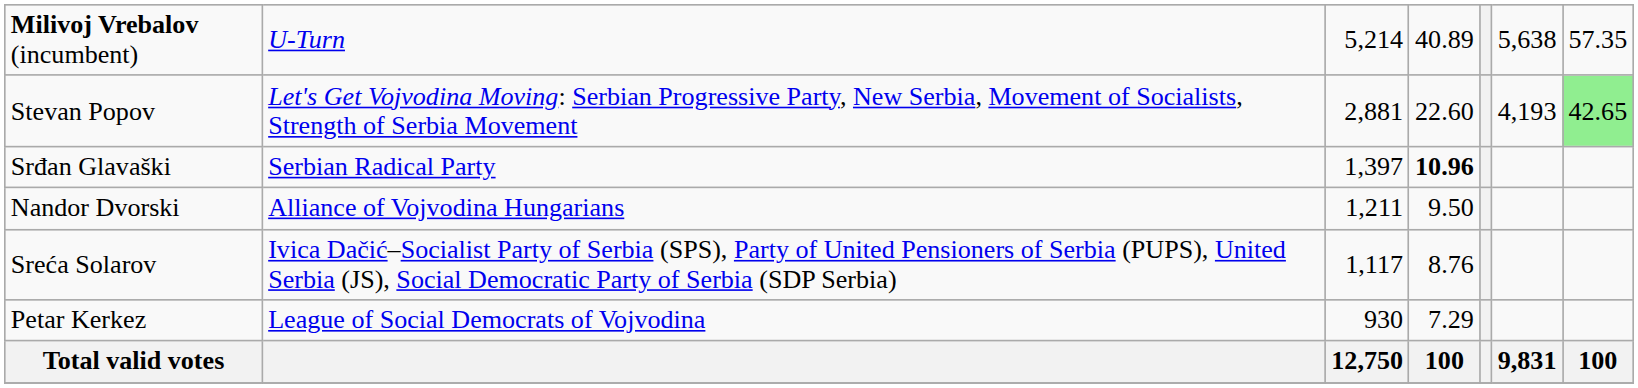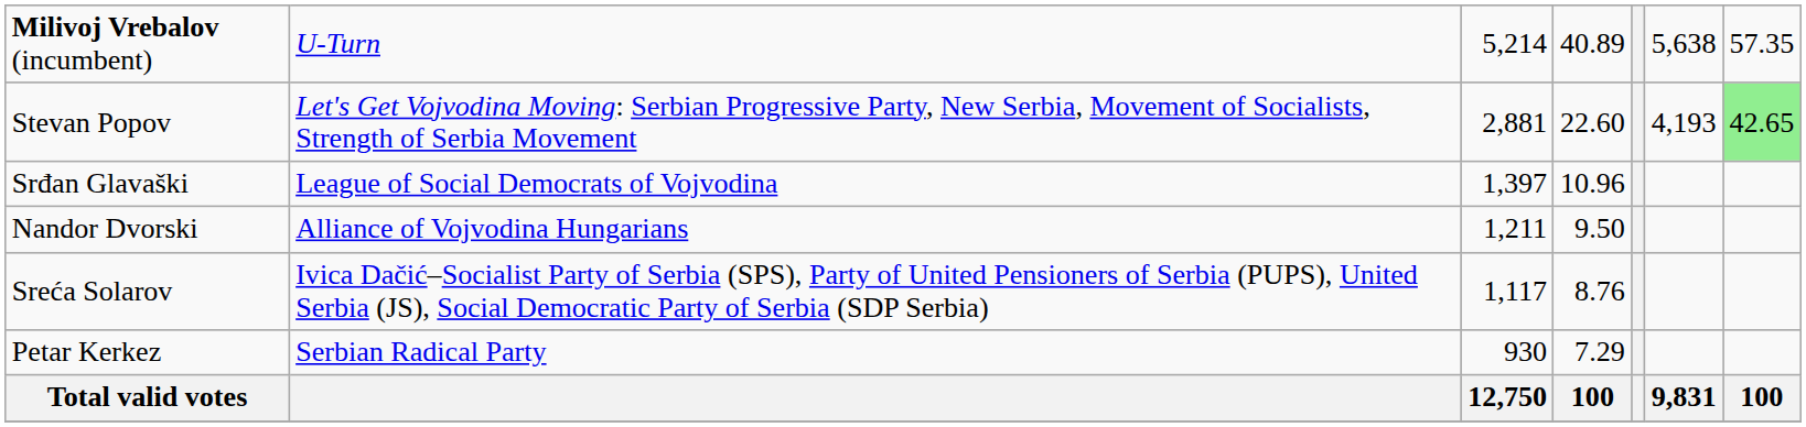 <table style="width:1000px;" class="wikitable">
 <tr>
 <td align="left"><strong>Milivoj Vrebalov</strong> (incumbent)</td>
 <td align="left"><em><a href='#'>U-Turn</a></em></td>
 <td align="right">5,214</td>
 <td align="right">40.89</td>
 <th align="left"></th>
 <td align="right">5,638</td>
 <td align="right">57.35</td>
 </tr>
 <tr>
 <td align="left">Stevan Popov</td>
 <td align="left"><em><a href='#'>Let's Get Vojvodina Moving</a></em>: <a href='#'>Serbian Progressive Party</a>, <a href='#'>New Serbia</a>, <a href='#'>Movement of Socialists</a>, <a href='#'>Strength of Serbia Movement</a></td>
 <td align="right">2,881</td>
 <td align="right">22.60</td>
 <th align="left"></th>
 <td align="right">4,193</td>
 <td align="right" style="background: lightgreen;">42.65</td>
 </tr>
 <tr>
 <td align="left">Srđan Glavaški</td>
-<td align="left"><a href='#'>Serbian Radical Party</a></td>
+<td align="left"><a href='#'>League of Social Democrats of Vojvodina</a></td>
 <td align="right">1,397</td>
-<td align="right"><strong>10.96</strong></td>
+<td align="right">10.96</td>
 <th align="left"></th>
 <td align="right"></td>
 <td align="right"></td>
 </tr>
 <tr>
 <td align="left">Nandor Dvorski</td>
 <td align="left"><a href='#'>Alliance of Vojvodina Hungarians</a></td>
 <td align="right">1,211</td>
 <td align="right">9.50</td>
 <th align="left"></th>
 <td align="right"></td>
 <td align="right"></td>
 </tr>
 <tr>
 <td align="left">Sreća Solarov</td>
 <td align="left"><a href='#'>Ivica Dačić</a>–<a href='#'>Socialist Party of Serbia</a> (SPS), <a href='#'>Party of United Pensioners of Serbia</a> (PUPS), <a href='#'>United Serbia</a> (JS), <a href='#'>Social Democratic Party of Serbia</a> (SDP Serbia)</td>
 <td align="right">1,117</td>
 <td align="right">8.76</td>
 <th align="left"></th>
 <td align="right"></td>
 <td align="right"></td>
 </tr>
 <tr>
 <td align="left">Petar Kerkez</td>
-<td align="left"><a href='#'>League of Social Democrats of Vojvodina</a></td>
+<td align="left"><a href='#'>Serbian Radical Party</a></td>
 <td align="right">930</td>
 <td align="right">7.29</td>
 <th align="left"></th>
 <td align="right"></td>
 <td align="right"></td>
 </tr>
 <tr>
 <th align="left">Total valid votes</th>
 <th align="left"></th>
 <th align="right">12,750</th>
 <th align="right">100</th>
 <th align="left"></th>
 <th align="right">9,831</th>
 <th align="right">100</th>
 </tr>
 <tr>
 </tr>
 </table>
